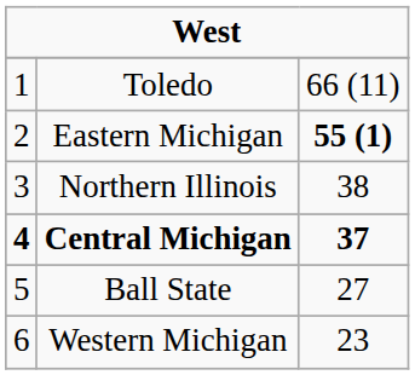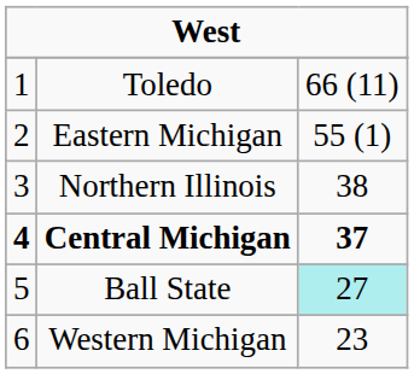 <table class="wikitable" style="display: inline-table;">
 <tr align="center">
 <td align="center" Colspan="3"><strong>West</strong></td>
 </tr>
 <tr align="center">
 </tr>
 <tr align="center">
 <td>1</td>
 <td>Toledo</td>
 <td>66 (11)</td>
 </tr>
 <tr align="center">
 <td>2</td>
 <td>Eastern Michigan</td>
-<td><strong>55 (1)</strong></td>
+<td>55 (1)</td>
 </tr>
 <tr align="center">
 <td>3</td>
 <td>Northern Illinois</td>
 <td>38</td>
 </tr>
 <tr align="center">
 <td><strong>4</strong></td>
 <td><strong>Central Michigan</strong></td>
 <td><strong>37</strong></td>
 </tr>
 <tr align="center">
 <td>5</td>
 <td>Ball State</td>
-<td>27</td>
+<td style="background: paleturquoise;">27</td>
 </tr>
 <tr align="center">
 <td>6</td>
 <td>Western Michigan</td>
 <td>23</td>
 </tr>
 </table>
